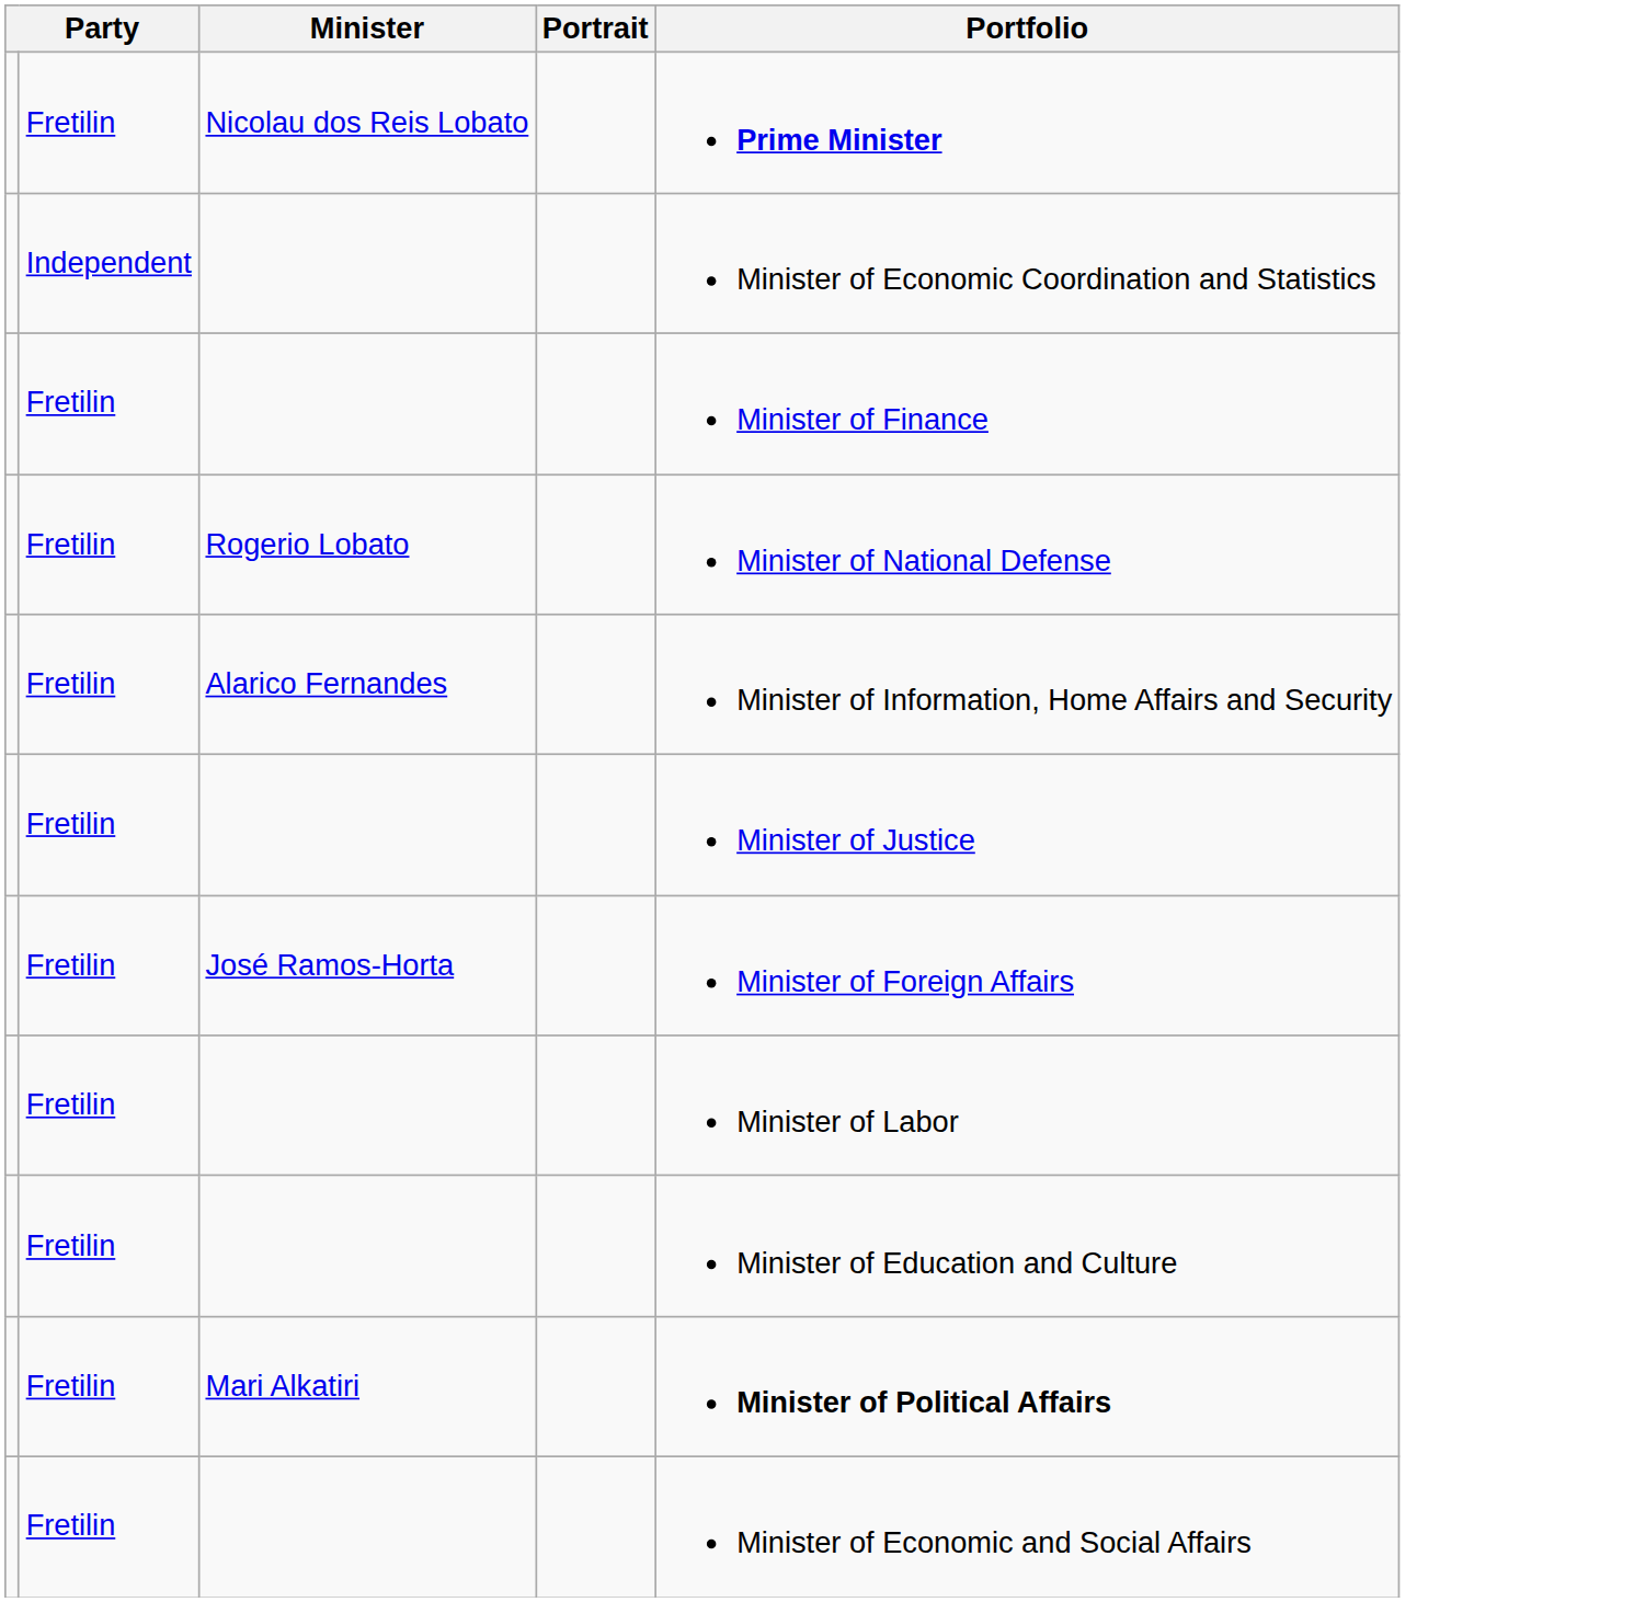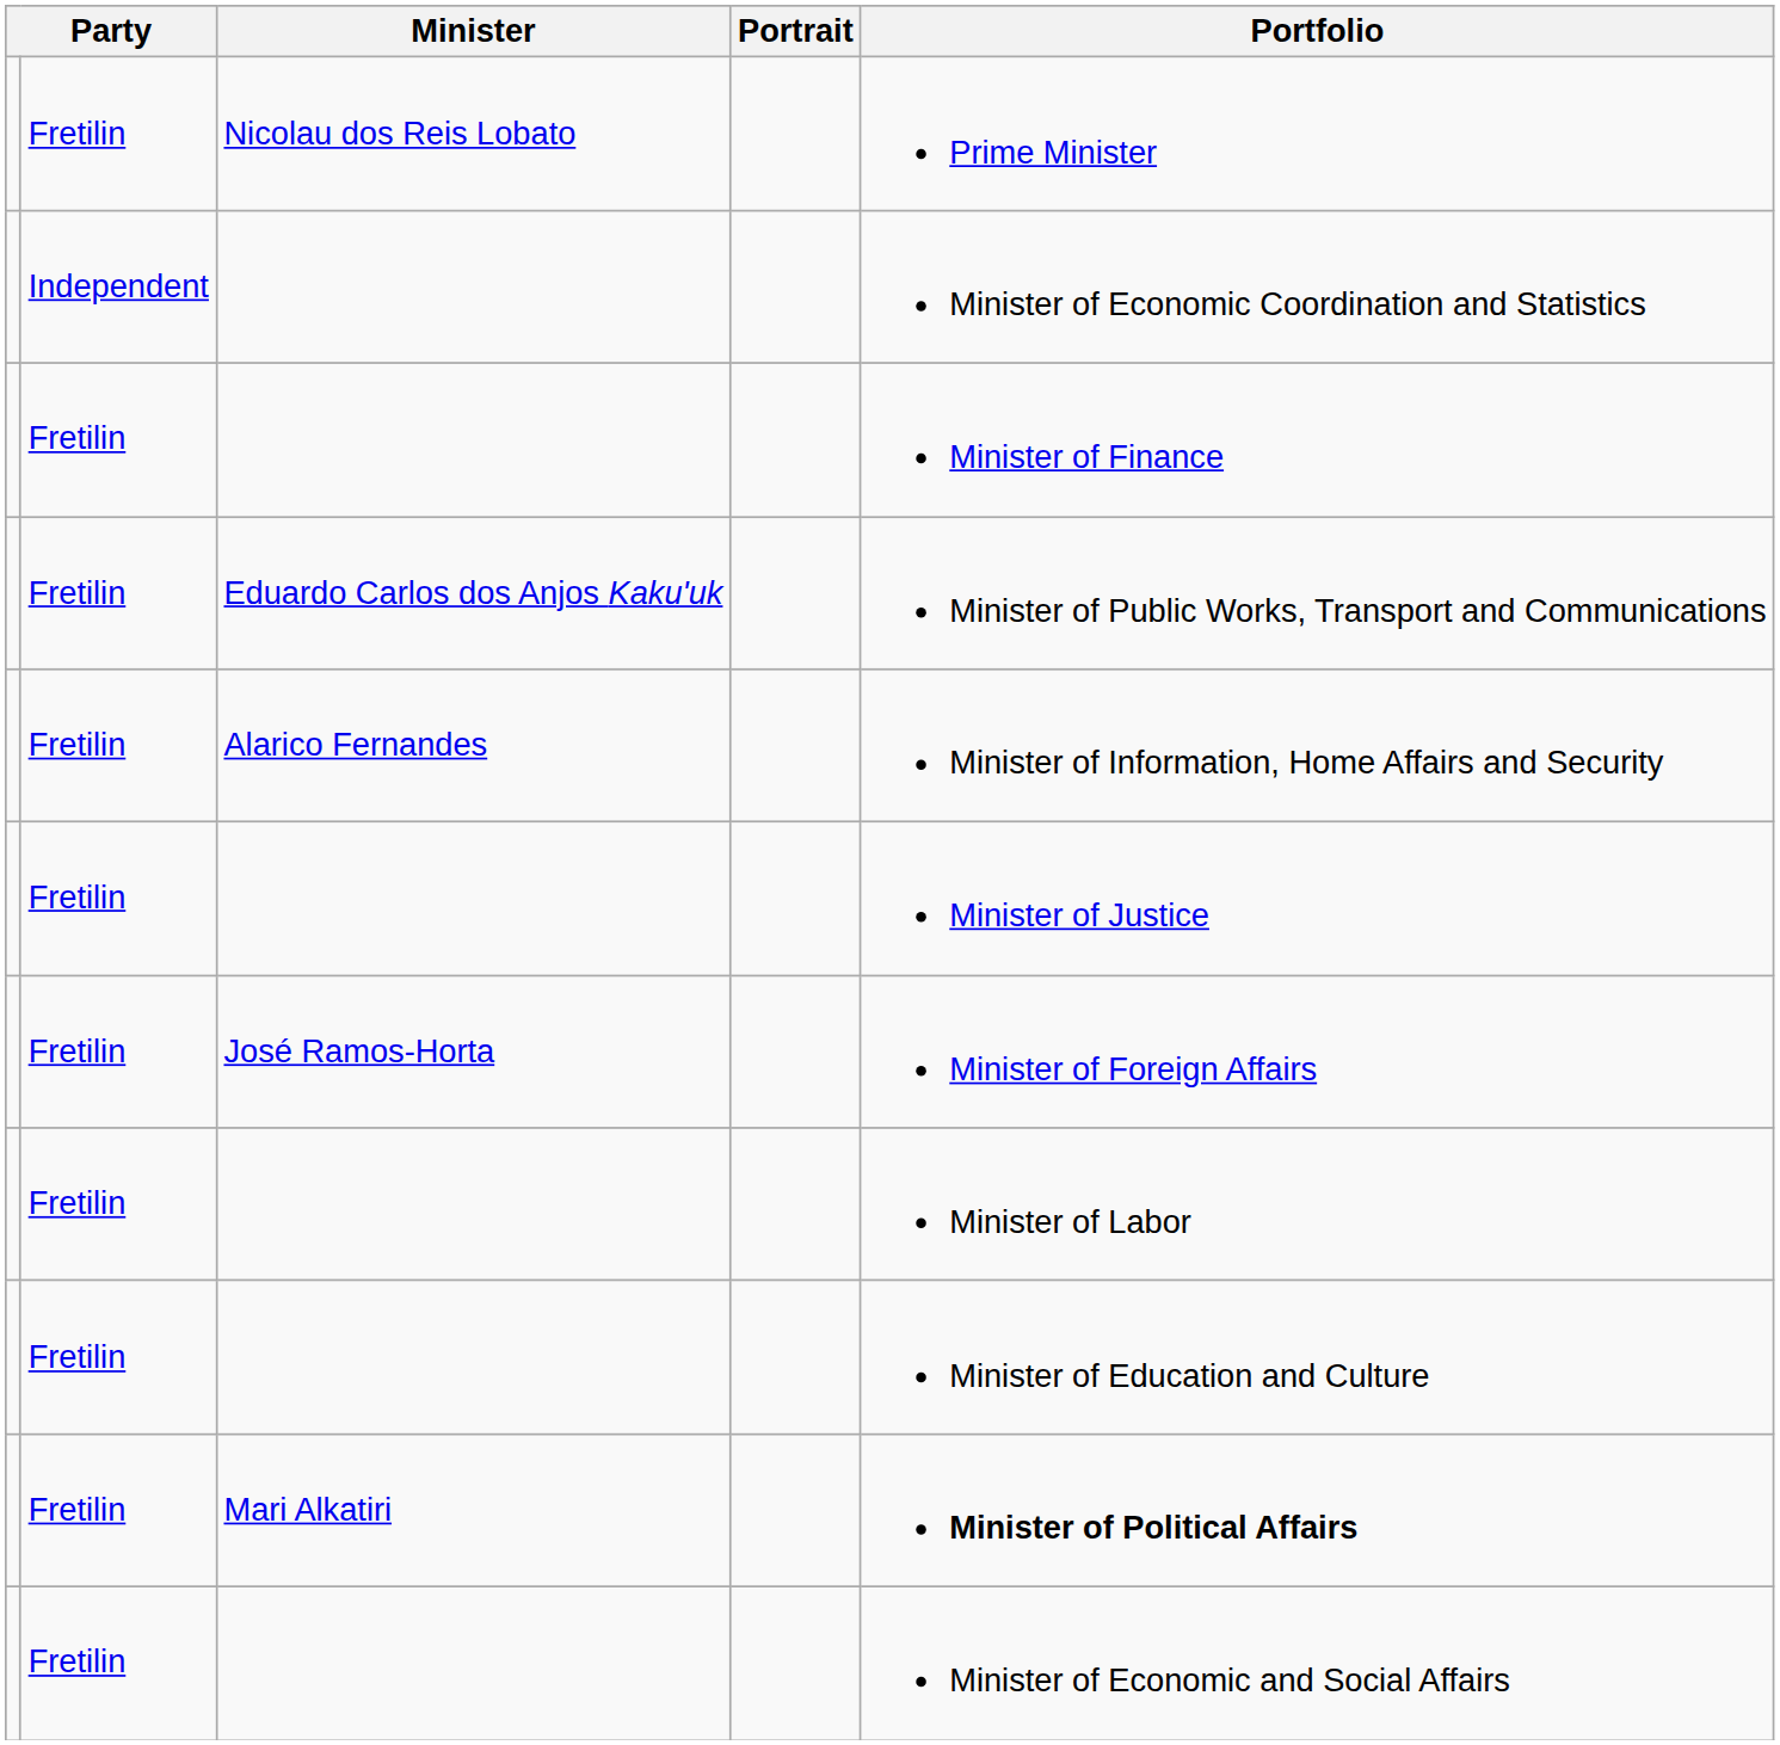 <table class="wikitable sortable">
 <tr>
 <th colspan="2">Party</th>
 <th>Minister</th>
 <th>Portrait</th>
 <th>Portfolio</th>
 </tr>
 <tr>
 <td style="background:"></td>
 <td><a href='#'>Fretilin</a></td>
 <td><a href='#'>Nicolau dos Reis Lobato</a></td>
 <td></td>
-<td><strong><br><ul><li><a href='#'>Prime Minister</a></li></ul></strong></td>
+<td><br><ul><li><a href='#'>Prime Minister</a></li></ul></td>
 </tr>
 <tr>
 <td style="background:"></td>
 <td><a href='#'>Independent</a></td>
 <td></td>
 <td></td>
 <td><br><ul><li>Minister of Economic Coordination and Statistics</li></ul></td>
 </tr>
 <tr>
 <td style="background:"></td>
 <td><a href='#'>Fretilin</a></td>
 <td></td>
 <td></td>
 <td><br><ul><li><a href='#'>Minister of Finance</a></li></ul></td>
 </tr>
 <tr>
 <td style="background:"></td>
 <td><a href='#'>Fretilin</a></td>
-<td><a href='#'>Rogerio Lobato</a></td>
+<td><a href='#'>Eduardo Carlos dos Anjos <em>Kaku'uk</em></a></td>
 <td></td>
-<td><br><ul><li><a href='#'>Minister of National Defense</a></li></ul></td>
+<td><br><ul><li>Minister of Public Works, Transport and Communications</li></ul></td>
 </tr>
 <tr>
 <td style="background:"></td>
 <td><a href='#'>Fretilin</a></td>
 <td><a href='#'>Alarico Fernandes</a></td>
 <td></td>
 <td><br><ul><li>Minister of Information, Home Affairs and Security</li></ul></td>
 </tr>
 <tr>
 <td style="background:"></td>
 <td><a href='#'>Fretilin</a></td>
 <td></td>
 <td></td>
 <td><br><ul><li><a href='#'>Minister of Justice</a></li></ul></td>
 </tr>
 <tr>
 <td style="background:"></td>
 <td><a href='#'>Fretilin</a></td>
 <td><a href='#'>José Ramos-Horta</a></td>
 <td></td>
 <td><br><ul><li><a href='#'>Minister of Foreign Affairs</a></li></ul></td>
 </tr>
 <tr>
 <td style="background:"></td>
 <td><a href='#'>Fretilin</a></td>
 <td></td>
 <td></td>
 <td><br><ul><li>Minister of Labor</li></ul></td>
 </tr>
 <tr>
 <td style="background:"></td>
 <td><a href='#'>Fretilin</a></td>
 <td></td>
 <td></td>
 <td><br><ul><li>Minister of Education and Culture</li></ul></td>
 </tr>
 <tr>
 <td style="background:"></td>
 <td><a href='#'>Fretilin</a></td>
 <td><a href='#'>Mari Alkatiri</a></td>
 <td></td>
 <td><strong><br><ul><li>Minister of Political Affairs</li></ul></strong></td>
 </tr>
 <tr>
 <td style="background:"></td>
 <td><a href='#'>Fretilin</a></td>
 <td></td>
 <td></td>
 <td><br><ul><li>Minister of Economic and Social Affairs</li></ul></td>
 </tr>
 </table>
